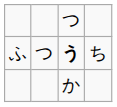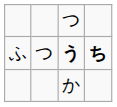 <table class="wikitable">
 <tr>
 <td></td>
 <td></td>
 <td>つ</td>
 <td></td>
 </tr>
 <tr>
 <td>ふ</td>
 <td>つ</td>
 <td><strong>う</strong></td>
-<td>ち</td>
+<td><strong>ち</strong></td>
 </tr>
 <tr>
 <td></td>
 <td>　</td>
 <td>か</td>
 <td></td>
 </tr>
 </table>
